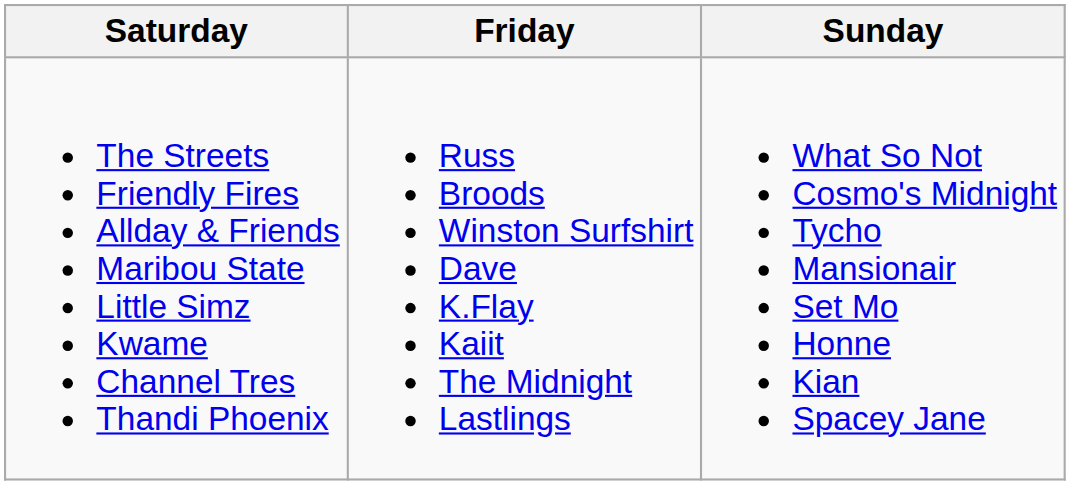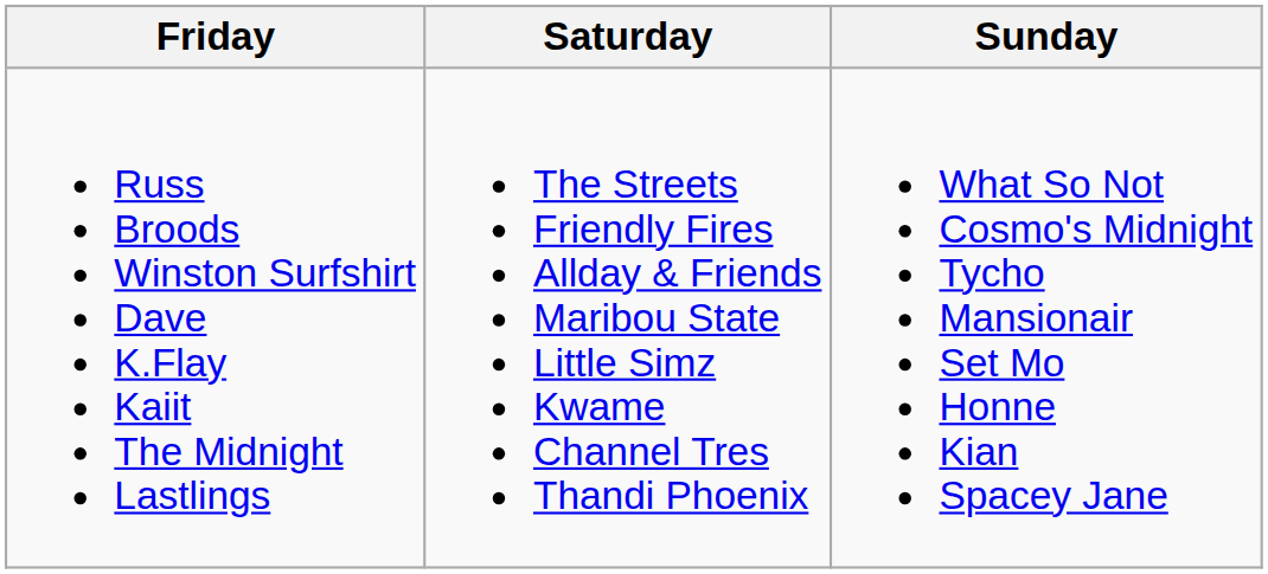 <table class="wikitable">
 <tr>
+<th>Friday</th>
 <th>Saturday</th>
-<th>Friday</th>
 <th>Sunday</th>
 </tr>
 <tr valign="top">
+<td><br><ul><li><a href='#'>Russ</a></li><li><a href='#'>Broods</a></li><li><a href='#'>Winston Surfshirt</a></li><li><a href='#'>Dave</a></li><li><a href='#'>K.Flay</a></li><li><a href='#'>Kaiit</a></li><li><a href='#'>The Midnight</a></li><li><a href='#'>Lastlings</a></li></ul></td>
 <td><br><ul><li><a href='#'>The Streets</a></li><li><a href='#'>Friendly Fires</a></li><li><a href='#'>Allday & Friends</a></li><li><a href='#'>Maribou State</a></li><li><a href='#'>Little Simz</a></li><li><a href='#'>Kwame</a></li><li><a href='#'>Channel Tres</a></li><li><a href='#'>Thandi Phoenix</a></li></ul></td>
-<td><br><ul><li><a href='#'>Russ</a></li><li><a href='#'>Broods</a></li><li><a href='#'>Winston Surfshirt</a></li><li><a href='#'>Dave</a></li><li><a href='#'>K.Flay</a></li><li><a href='#'>Kaiit</a></li><li><a href='#'>The Midnight</a></li><li><a href='#'>Lastlings</a></li></ul></td>
 <td><br><ul><li><a href='#'>What So Not</a></li><li><a href='#'>Cosmo's Midnight</a></li><li><a href='#'>Tycho</a></li><li><a href='#'>Mansionair</a></li><li><a href='#'>Set Mo</a></li><li><a href='#'>Honne</a></li><li><a href='#'>Kian</a></li><li><a href='#'>Spacey Jane</a></li></ul></td>
 </tr>
 </table>
